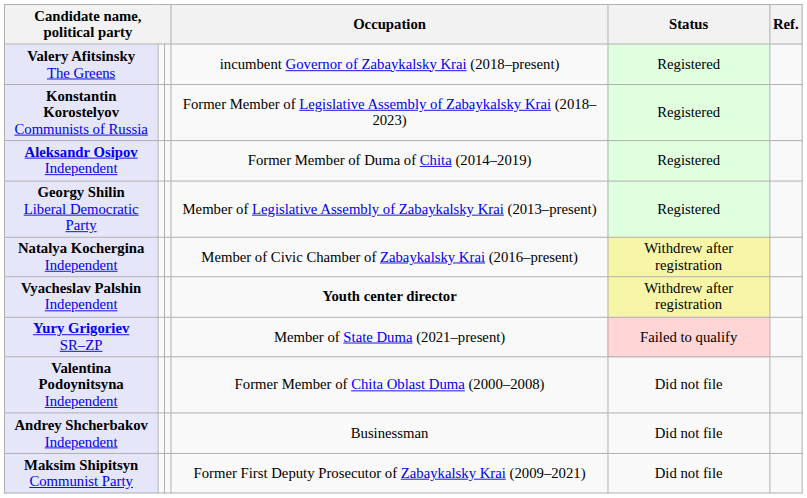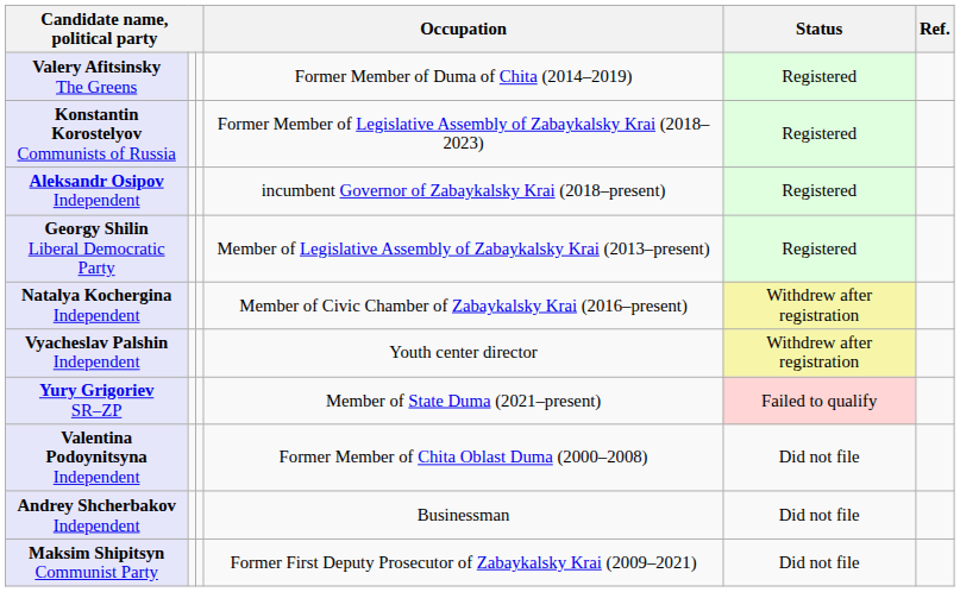 <table class="wikitable" style="text-align:center;">
 <tr>
 <th colspan="3">Candidate name,<br>political party</th>
 <th>Occupation</th>
 <th>Status</th>
 <th>Ref.</th>
 </tr>
 <tr>
 <td style="background:lavender;"><strong>Valery Afitsinsky</strong><br><a href='#'>The Greens</a></td>
 <td style="background-color:"></td>
 <td></td>
-<td>incumbent <a href='#'>Governor of Zabaykalsky Krai</a> (2018–present)</td>
+<td>Former Member of Duma of <a href='#'>Chita</a> (2014–2019)</td>
 <td bgcolor="#DFFFDF">Registered</td>
 <td></td>
 </tr>
 <tr>
 <td style="background:lavender;"><strong>Konstantin Korostelyov</strong><br><a href='#'>Communists of Russia</a></td>
 <td style="background-color:"></td>
 <td></td>
 <td>Former Member of <a href='#'>Legislative Assembly of Zabaykalsky Krai</a> (2018–2023)</td>
 <td bgcolor="#DFFFDF">Registered</td>
 <td></td>
 </tr>
 <tr>
 <td style="background:lavender;"><strong><a href='#'>Aleksandr Osipov</a></strong><br><a href='#'>Independent</a></td>
 <td style="background-color:"></td>
 <td></td>
-<td>Former Member of Duma of <a href='#'>Chita</a> (2014–2019)</td>
+<td>incumbent <a href='#'>Governor of Zabaykalsky Krai</a> (2018–present)</td>
 <td bgcolor="#DFFFDF">Registered</td>
 <td></td>
 </tr>
 <tr>
 <td style="background:lavender;"><strong>Georgy Shilin</strong><br><a href='#'>Liberal Democratic Party</a></td>
 <td style="background-color:"></td>
 <td></td>
 <td>Member of <a href='#'>Legislative Assembly of Zabaykalsky Krai</a> (2013–present)</td>
 <td bgcolor="#DFFFDF">Registered</td>
 <td></td>
 </tr>
 <tr>
 <td style="background:lavender;"><strong>Natalya Kochergina</strong><br><a href='#'>Independent</a></td>
 <td style="background-color:"></td>
 <td></td>
 <td>Member of Civic Chamber of <a href='#'>Zabaykalsky Krai</a> (2016–present)</td>
 <td bgcolor="#F7F6A8">Withdrew after registration</td>
 <td></td>
 </tr>
 <tr>
 <td style="background:lavender;"><strong>Vyacheslav Palshin</strong><br><a href='#'>Independent</a></td>
 <td style="background-color:"></td>
 <td></td>
-<td><strong>Youth center director</strong></td>
+<td>Youth center director</td>
 <td bgcolor="#F7F6A8">Withdrew after registration</td>
 <td></td>
 </tr>
 <tr>
 <td style="background:lavender;"><strong><a href='#'>Yury Grigoriev</a></strong><br><a href='#'>SR–ZP</a></td>
 <td style="background-color:"></td>
 <td></td>
 <td>Member of <a href='#'>State Duma</a> (2021–present)</td>
 <td bgcolor="#FFD5D5">Failed to qualify</td>
 <td></td>
 </tr>
 <tr>
 <td style="background:lavender;"><strong>Valentina Podoynitsyna</strong><br><a href='#'>Independent</a></td>
 <td style="background-color:"></td>
 <td></td>
 <td>Former Member of <a href='#'>Chita Oblast Duma</a> (2000–2008)</td>
 <td>Did not file</td>
 <td></td>
 </tr>
 <tr>
 <td style="background:lavender;"><strong>Andrey Shcherbakov</strong><br><a href='#'>Independent</a></td>
 <td style="background-color:"></td>
 <td></td>
 <td>Businessman</td>
 <td>Did not file</td>
 <td></td>
 </tr>
 <tr>
 <td style="background:lavender;"><strong>Maksim Shipitsyn</strong><br><a href='#'>Communist Party</a></td>
 <td style="background-color:"></td>
 <td></td>
 <td>Former First Deputy Prosecutor of <a href='#'>Zabaykalsky Krai</a> (2009–2021)</td>
 <td>Did not file</td>
 <td></td>
 </tr>
 </table>
